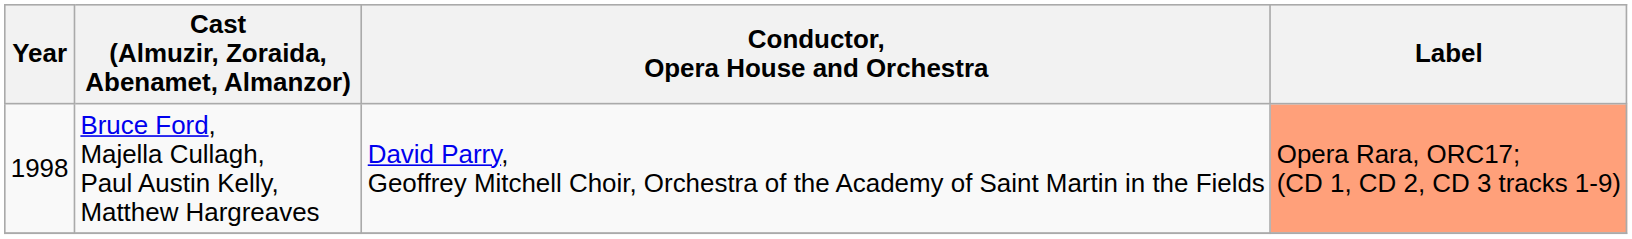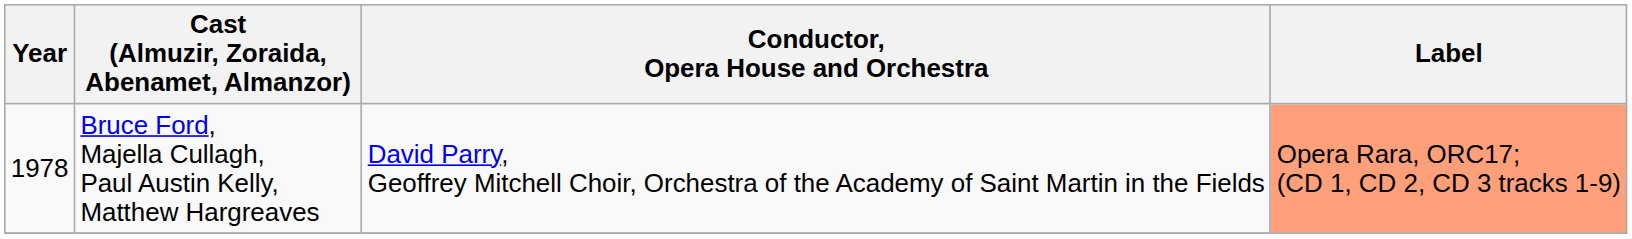 <table class="wikitable">
 <tr>
 <th>Year</th>
 <th width="170">Cast <br>(Almuzir, Zoraida, Abenamet, Almanzor)</th>
 <th>Conductor,<br>Opera House and Orchestra</th>
 <th>Label</th>
 </tr>
 <tr>
-<td>1998</td>
+<td>1978</td>
 <td><a href='#'>Bruce Ford</a>,<br>Majella Cullagh,<br>Paul Austin Kelly,<br>Matthew Hargreaves</td>
 <td><a href='#'>David Parry</a>,<br>Geoffrey Mitchell Choir, Orchestra of the Academy of Saint Martin in the Fields</td>
 <td style="background: lightsalmon;">Opera Rara, ORC17;<br>(CD 1, CD 2, CD 3 tracks 1-9)</td>
 </tr>
 <tr>
 </tr>
 </table>
